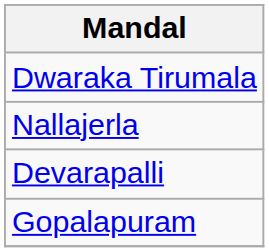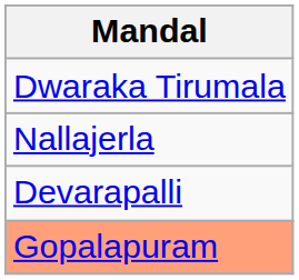 <table class="wikitable sortable static-row-numbers static-row-header-hash">
 <tr>
 <th>Mandal</th>
 </tr>
 <tr>
 <td><a href='#'>Dwaraka Tirumala</a></td>
 </tr>
 <tr>
 <td><a href='#'>Nallajerla</a></td>
 </tr>
 <tr>
 <td><a href='#'>Devarapalli</a></td>
 </tr>
 <tr>
-<td><a href='#'>Gopalapuram</a></td>
+<td style="background: lightsalmon;"><a href='#'>Gopalapuram</a></td>
 </tr>
 <tr>
 </tr>
 </table>
